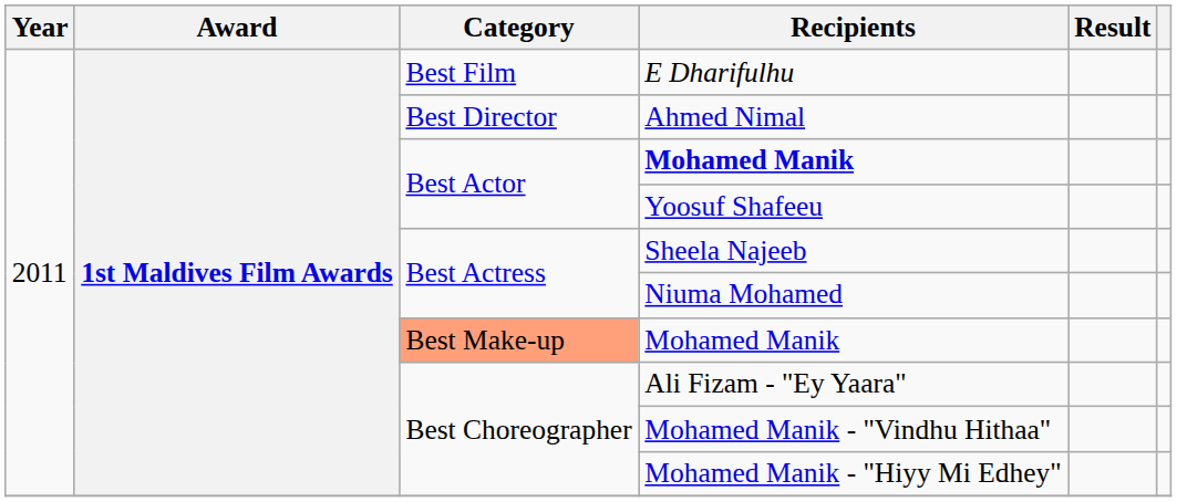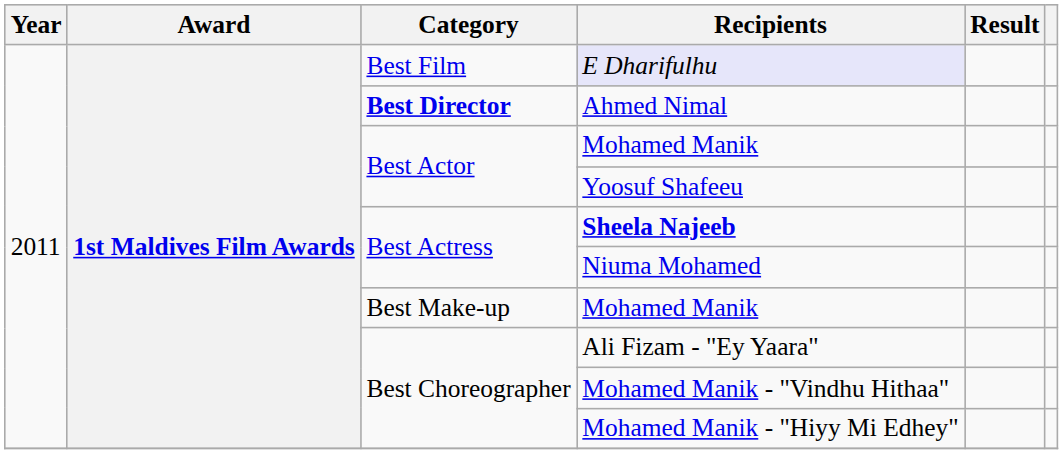 <table class="wikitable plainrowheaders sortable">
 <tr>
 <th scope="col">Year</th>
 <th scope="col">Award</th>
 <th scope="col">Category</th>
 <th scope="col">Recipients</th>
 <th scope="col">Result</th>
 <th scope="col" class="unsortable"></th>
 </tr>
 <tr>
 <td rowspan="10">2011</td>
 <th scope="row" rowspan="10"><a href='#'>1st Maldives Film Awards</a></th>
 <td><a href='#'>Best Film</a></td>
-<td><em>E Dharifulhu</em></td>
+<td style="background: lavender;"><em>E Dharifulhu</em></td>
 <td></td>
 <td style="text-align:center;"></td>
 </tr>
 <tr>
-<td><a href='#'>Best Director</a></td>
+<td><strong><a href='#'>Best Director</a></strong></td>
 <td><a href='#'>Ahmed Nimal</a></td>
 <td></td>
 <td style="text-align:center;"></td>
 </tr>
 <tr>
 <td rowspan="2"><a href='#'>Best Actor</a></td>
-<td><strong><a href='#'>Mohamed Manik</a></strong></td>
+<td><a href='#'>Mohamed Manik</a></td>
 <td></td>
 <td style="text-align:center;"></td>
 </tr>
 <tr>
 <td><a href='#'>Yoosuf Shafeeu</a></td>
 <td></td>
 <td style="text-align:center;"></td>
 </tr>
 <tr>
 <td rowspan="2"><a href='#'>Best Actress</a></td>
-<td><a href='#'>Sheela Najeeb</a></td>
+<td><strong><a href='#'>Sheela Najeeb</a></strong></td>
 <td></td>
 <td style="text-align:center;"></td>
 </tr>
 <tr>
 <td><a href='#'>Niuma Mohamed</a></td>
 <td></td>
 <td style="text-align:center;"></td>
 </tr>
 <tr>
-<td style="background: lightsalmon;">Best Make-up</td>
+<td>Best Make-up</td>
 <td><a href='#'>Mohamed Manik</a></td>
 <td></td>
 <td style="text-align:center;"></td>
 </tr>
 <tr>
 <td rowspan="3">Best Choreographer</td>
 <td>Ali Fizam - "Ey Yaara"</td>
 <td></td>
 <td style="text-align:center;"></td>
 </tr>
 <tr>
 <td><a href='#'>Mohamed Manik</a> - "Vindhu Hithaa"</td>
 <td></td>
 <td style="text-align:center;"></td>
 </tr>
 <tr>
 <td><a href='#'>Mohamed Manik</a> - "Hiyy Mi Edhey"</td>
 <td></td>
 <td style="text-align:center;"></td>
 </tr>
 <tr>
 </tr>
 </table>
